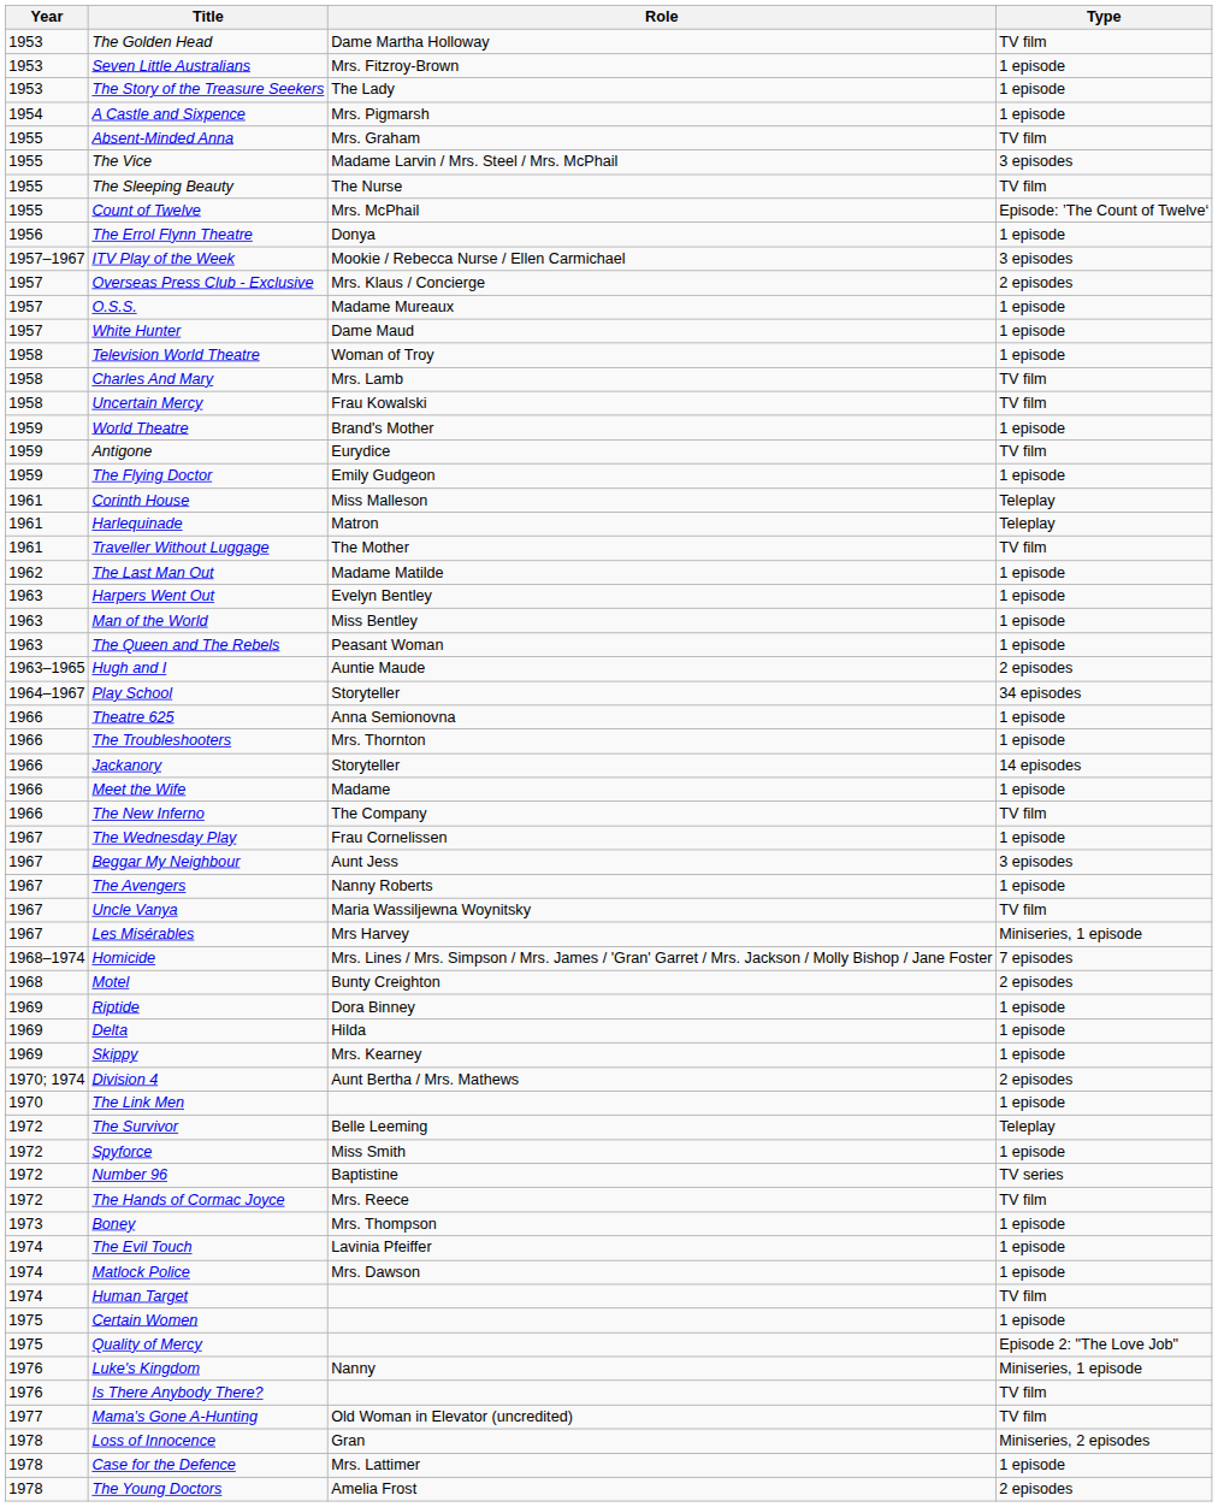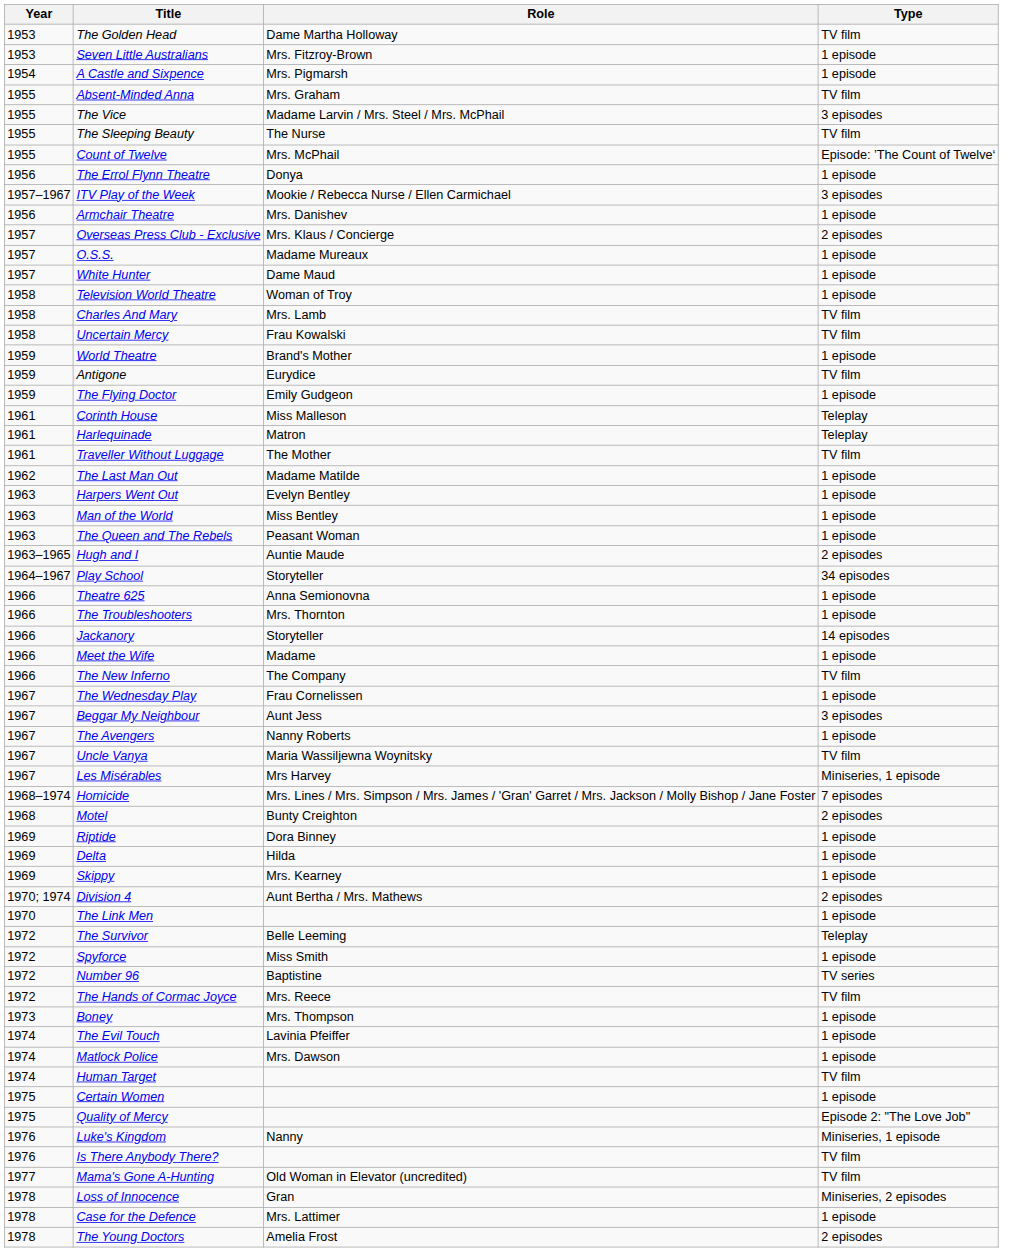 <table class="wikitable">
 <tr>
 <th>Year</th>
 <th>Title</th>
 <th>Role</th>
 <th>Type</th>
 </tr>
 <tr>
 <td>1953</td>
 <td><em>The Golden Head</em></td>
 <td>Dame Martha Holloway</td>
 <td>TV film</td>
 </tr>
 <tr>
 <td>1953</td>
 <td><em><a href='#'>Seven Little Australians</a></em></td>
 <td>Mrs. Fitzroy-Brown</td>
-<td>1 episode</td>
-</tr>
-<tr>
-<td>1953</td>
-<td><em><a href='#'>The Story of the Treasure Seekers</a></em></td>
-<td>The Lady</td>
 <td>1 episode</td>
 </tr>
 <tr>
 <td>1954</td>
 <td><em><a href='#'>A Castle and Sixpence</a></em></td>
 <td>Mrs. Pigmarsh</td>
 <td>1 episode</td>
 </tr>
 <tr>
 <td>1955</td>
 <td><em><a href='#'>Absent-Minded Anna</a></em></td>
 <td>Mrs. Graham</td>
 <td>TV film</td>
 </tr>
 <tr>
 <td>1955</td>
 <td><em>The Vice</em></td>
 <td>Madame Larvin / Mrs. Steel / Mrs. McPhail</td>
 <td>3 episodes</td>
 </tr>
 <tr>
 <td>1955</td>
 <td><em>The Sleeping Beauty</em></td>
 <td>The Nurse</td>
 <td>TV film</td>
 </tr>
 <tr>
 <td>1955</td>
 <td><em><a href='#'>Count of Twelve</a></em></td>
 <td>Mrs. McPhail</td>
 <td>Episode: ’The Count of Twelve‘</td>
 </tr>
 <tr>
 <td>1956</td>
 <td><em><a href='#'>The Errol Flynn Theatre</a></em></td>
 <td>Donya</td>
 <td>1 episode</td>
 </tr>
 <tr>
 <td>1957–1967</td>
 <td><em><a href='#'>ITV Play of the Week</a></em></td>
 <td>Mookie / Rebecca Nurse / Ellen Carmichael</td>
 <td>3 episodes</td>
+</tr>
+<tr>
+<td>1956</td>
+<td><em><a href='#'>Armchair Theatre</a></em></td>
+<td>Mrs. Danishev</td>
+<td>1 episode</td>
 </tr>
 <tr>
 <td>1957</td>
 <td><em><a href='#'>Overseas Press Club - Exclusive</a></em></td>
 <td>Mrs. Klaus / Concierge</td>
 <td>2 episodes</td>
 </tr>
 <tr>
 <td>1957</td>
 <td><em><a href='#'>O.S.S.</a></em></td>
 <td>Madame Mureaux</td>
 <td>1 episode</td>
 </tr>
 <tr>
 <td>1957</td>
 <td><em><a href='#'>White Hunter</a></em></td>
 <td>Dame Maud</td>
 <td>1 episode</td>
 </tr>
 <tr>
 <td>1958</td>
 <td><em><a href='#'>Television World Theatre</a></em></td>
 <td>Woman of Troy</td>
 <td>1 episode</td>
 </tr>
 <tr>
 <td>1958</td>
 <td><em><a href='#'>Charles And Mary</a></em></td>
 <td>Mrs. Lamb</td>
 <td>TV film</td>
 </tr>
 <tr>
 <td>1958</td>
 <td><em><a href='#'>Uncertain Mercy</a></em></td>
 <td>Frau Kowalski</td>
 <td>TV film</td>
 </tr>
 <tr>
 <td>1959</td>
 <td><em><a href='#'>World Theatre</a></em></td>
 <td>Brand's Mother</td>
 <td>1 episode</td>
 </tr>
 <tr>
 <td>1959</td>
 <td><em>Antigone</em></td>
 <td>Eurydice</td>
 <td>TV film</td>
 </tr>
 <tr>
 <td>1959</td>
 <td><em><a href='#'>The Flying Doctor</a></em></td>
 <td>Emily Gudgeon</td>
 <td>1 episode</td>
 </tr>
 <tr>
 <td>1961</td>
 <td><em><a href='#'>Corinth House</a></em></td>
 <td>Miss Malleson</td>
 <td>Teleplay</td>
 </tr>
 <tr>
 <td>1961</td>
 <td><em><a href='#'>Harlequinade</a></em></td>
 <td>Matron</td>
 <td>Teleplay</td>
 </tr>
 <tr>
 <td>1961</td>
 <td><em><a href='#'>Traveller Without Luggage</a></em></td>
 <td>The Mother</td>
 <td>TV film</td>
 </tr>
 <tr>
 <td>1962</td>
 <td><em><a href='#'>The Last Man Out</a></em></td>
 <td>Madame Matilde</td>
 <td>1 episode</td>
 </tr>
 <tr>
 <td>1963</td>
 <td><em><a href='#'>Harpers Went Out</a></em></td>
 <td>Evelyn Bentley</td>
 <td>1 episode</td>
 </tr>
 <tr>
 <td>1963</td>
 <td><em><a href='#'>Man of the World</a></em></td>
 <td>Miss Bentley</td>
 <td>1 episode</td>
 </tr>
 <tr>
 <td>1963</td>
 <td><em><a href='#'>The Queen and The Rebels</a></em></td>
 <td>Peasant Woman</td>
 <td>1 episode</td>
 </tr>
 <tr>
 <td>1963–1965</td>
 <td><em><a href='#'>Hugh and I</a></em></td>
 <td>Auntie Maude</td>
 <td>2 episodes</td>
 </tr>
 <tr>
 <td>1964–1967</td>
 <td><em><a href='#'>Play School</a></em></td>
 <td>Storyteller</td>
 <td>34 episodes</td>
 </tr>
 <tr>
 <td>1966</td>
 <td><em><a href='#'>Theatre 625</a></em></td>
 <td>Anna Semionovna</td>
 <td>1 episode</td>
 </tr>
 <tr>
 <td>1966</td>
 <td><em><a href='#'>The Troubleshooters</a></em></td>
 <td>Mrs. Thornton</td>
 <td>1 episode</td>
 </tr>
 <tr>
 <td>1966</td>
 <td><em><a href='#'>Jackanory</a></em></td>
 <td>Storyteller</td>
 <td>14 episodes</td>
 </tr>
 <tr>
 <td>1966</td>
 <td><em><a href='#'>Meet the Wife</a></em></td>
 <td>Madame</td>
 <td>1 episode</td>
 </tr>
 <tr>
 <td>1966</td>
 <td><em><a href='#'>The New Inferno</a></em></td>
 <td>The Company</td>
 <td>TV film</td>
 </tr>
 <tr>
 <td>1967</td>
 <td><em><a href='#'>The Wednesday Play</a></em></td>
 <td>Frau Cornelissen</td>
 <td>1 episode</td>
 </tr>
 <tr>
 <td>1967</td>
 <td><em><a href='#'>Beggar My Neighbour</a></em></td>
 <td>Aunt Jess</td>
 <td>3 episodes</td>
 </tr>
 <tr>
 <td>1967</td>
 <td><em><a href='#'>The Avengers</a></em></td>
 <td>Nanny Roberts</td>
 <td>1 episode</td>
 </tr>
 <tr>
 <td>1967</td>
 <td><em><a href='#'>Uncle Vanya</a></em></td>
 <td>Maria Wassiljewna Woynitsky</td>
 <td>TV film</td>
 </tr>
 <tr>
 <td>1967</td>
 <td><em><a href='#'>Les Misérables</a></em></td>
 <td>Mrs Harvey</td>
 <td>Miniseries, 1 episode</td>
 </tr>
 <tr>
 <td>1968–1974</td>
 <td><em><a href='#'>Homicide</a></em></td>
 <td>Mrs. Lines / Mrs. Simpson / Mrs. James / 'Gran' Garret / Mrs. Jackson / Molly Bishop / Jane Foster</td>
 <td>7 episodes</td>
 </tr>
 <tr>
 <td>1968</td>
 <td><em><a href='#'>Motel</a></em></td>
 <td>Bunty Creighton</td>
 <td>2 episodes</td>
 </tr>
 <tr>
 <td>1969</td>
 <td><em><a href='#'>Riptide</a></em></td>
 <td>Dora Binney</td>
 <td>1 episode</td>
 </tr>
 <tr>
 <td>1969</td>
 <td><em><a href='#'>Delta</a></em></td>
 <td>Hilda</td>
 <td>1 episode</td>
 </tr>
 <tr>
 <td>1969</td>
 <td><em><a href='#'>Skippy</a></em></td>
 <td>Mrs. Kearney</td>
 <td>1 episode</td>
 </tr>
 <tr>
 <td>1970; 1974</td>
 <td><em><a href='#'>Division 4</a></em></td>
 <td>Aunt Bertha / Mrs. Mathews</td>
 <td>2 episodes</td>
 </tr>
 <tr>
 <td>1970</td>
 <td><em><a href='#'>The Link Men</a></em></td>
 <td></td>
 <td>1 episode</td>
 </tr>
 <tr>
 <td>1972</td>
 <td><em><a href='#'>The Survivor</a></em></td>
 <td>Belle Leeming</td>
 <td>Teleplay</td>
 </tr>
 <tr>
 <td>1972</td>
 <td><em><a href='#'>Spyforce</a></em></td>
 <td>Miss Smith</td>
 <td>1 episode</td>
 </tr>
 <tr>
 <td>1972</td>
 <td><em><a href='#'>Number 96</a></em></td>
 <td>Baptistine</td>
 <td>TV series</td>
 </tr>
 <tr>
 <td>1972</td>
 <td><em><a href='#'>The Hands of Cormac Joyce</a></em></td>
 <td>Mrs. Reece</td>
 <td>TV film</td>
 </tr>
 <tr>
 <td>1973</td>
 <td><em><a href='#'>Boney</a></em></td>
 <td>Mrs. Thompson</td>
 <td>1 episode</td>
 </tr>
 <tr>
 <td>1974</td>
 <td><em><a href='#'>The Evil Touch</a></em></td>
 <td>Lavinia Pfeiffer</td>
 <td>1 episode</td>
 </tr>
 <tr>
 <td>1974</td>
 <td><em><a href='#'>Matlock Police</a></em></td>
 <td>Mrs. Dawson</td>
 <td>1 episode</td>
 </tr>
 <tr>
 <td>1974</td>
 <td><em><a href='#'>Human Target</a></em></td>
 <td></td>
 <td>TV film</td>
 </tr>
 <tr>
 <td>1975</td>
 <td><em><a href='#'>Certain Women</a></em></td>
 <td></td>
 <td>1 episode</td>
 </tr>
 <tr>
 <td>1975</td>
 <td><em><a href='#'>Quality of Mercy</a></em></td>
 <td></td>
 <td>Episode 2: "The Love Job"</td>
 </tr>
 <tr>
 <td>1976</td>
 <td><em><a href='#'>Luke's Kingdom</a></em></td>
 <td>Nanny</td>
 <td>Miniseries, 1 episode</td>
 </tr>
 <tr>
 <td>1976</td>
 <td><em><a href='#'>Is There Anybody There?</a></em></td>
 <td></td>
 <td>TV film</td>
 </tr>
 <tr>
 <td>1977</td>
 <td><em><a href='#'>Mama's Gone A-Hunting</a></em></td>
 <td>Old Woman in Elevator (uncredited)</td>
 <td>TV film</td>
 </tr>
 <tr>
 <td>1978</td>
 <td><em><a href='#'>Loss of Innocence</a></em></td>
 <td>Gran</td>
 <td>Miniseries, 2 episodes</td>
 </tr>
 <tr>
 <td>1978</td>
 <td><em><a href='#'>Case for the Defence</a></em></td>
 <td>Mrs. Lattimer</td>
 <td>1 episode</td>
 </tr>
 <tr>
 <td>1978</td>
 <td><em><a href='#'>The Young Doctors</a></em></td>
 <td>Amelia Frost</td>
 <td>2 episodes</td>
 </tr>
 </table>
